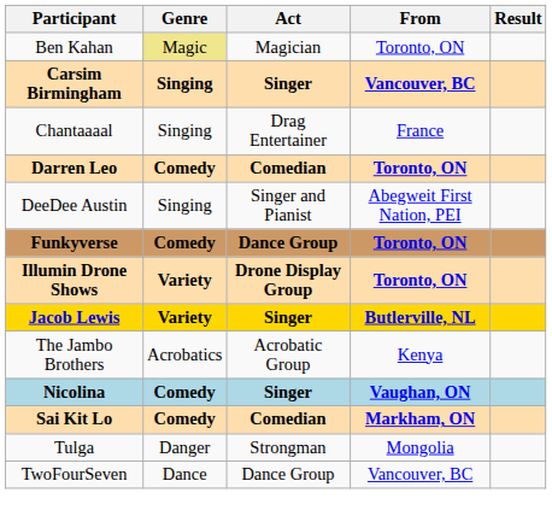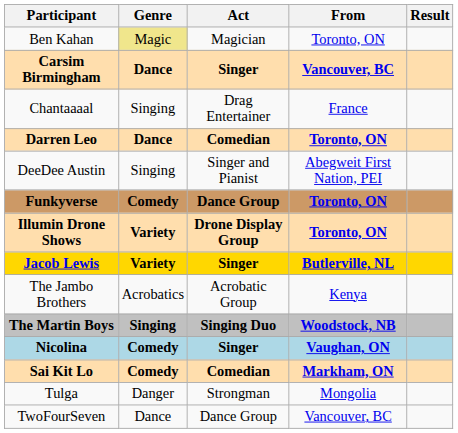 <table class="wikitable sortable" style="margin-right: auto; border: none; width:80%; text-align:center;">
 <tr valign="top">
 <th>Participant</th>
 <th>Genre</th>
 <th class="unsortable">Act</th>
 <th>From</th>
 <th>Result</th>
 </tr>
 <tr>
 <td>Ben Kahan</td>
 <td style="background: khaki;">Magic</td>
 <td>Magician</td>
 <td><a href='#'>Toronto, ON</a></td>
 <td></td>
 </tr>
 <tr style="background:NavajoWhite">
 <td><strong>Carsim Birmingham</strong> </td>
-<td><strong>Singing</strong></td>
+<td><strong>Dance</strong></td>
 <td><strong>Singer</strong></td>
 <td><strong><a href='#'>Vancouver, BC</a></strong></td>
 <td><strong></strong></td>
 </tr>
 <tr>
 <td>Chantaaaal</td>
 <td>Singing</td>
 <td>Drag Entertainer</td>
 <td><a href='#'>France</a></td>
 <td></td>
 </tr>
 <tr style="background:NavajoWhite">
 <td><strong>Darren Leo</strong> </td>
-<td><strong>Comedy</strong></td>
+<td><strong>Dance</strong></td>
 <td><strong>Comedian</strong></td>
 <td><strong><a href='#'>Toronto, ON</a></strong></td>
 <td><strong></strong></td>
 </tr>
 <tr>
 <td>DeeDee Austin </td>
 <td>Singing</td>
 <td>Singer and Pianist</td>
 <td><a href='#'>Abegweit First Nation, PEI</a></td>
 <td></td>
 </tr>
 <tr style="background:#c96">
 <td><strong>Funkyverse</strong>  <strong></strong></td>
 <td><strong>Comedy</strong></td>
 <td><strong>Dance Group</strong></td>
 <td><strong><a href='#'>Toronto, ON</a></strong></td>
 <td><strong></strong></td>
 </tr>
 <tr style="background:NavajoWhite">
 <td><strong>Illumin Drone Shows</strong></td>
 <td><strong>Variety</strong></td>
 <td><strong>Drone Display Group</strong></td>
 <td><strong><a href='#'>Toronto, ON</a></strong></td>
 <td><strong></strong></td>
 </tr>
 <tr style="background:gold">
 <td><strong><a href='#'>Jacob Lewis</a> </strong> <strong></strong></td>
 <td><strong>Variety</strong></td>
 <td><strong>Singer</strong></td>
 <td><strong><a href='#'>Butlerville, NL</a></strong></td>
 <td><strong></strong></td>
 </tr>
 <tr>
 <td>The Jambo Brothers</td>
 <td>Acrobatics</td>
 <td>Acrobatic Group</td>
 <td><a href='#'>Kenya</a></td>
 <td></td>
 </tr>
+<tr style="background:Silver">
+<td><strong>The Martin Boys</strong></td>
+<td><strong>Singing</strong></td>
+<td><strong>Singing Duo</strong></td>
+<td><strong><a href='#'>Woodstock, NB</a></strong></td>
+<td><strong></strong></td>
+</tr>
 <tr style="background:lightblue">
 <td><strong>Nicolina</strong> </td>
 <td><strong>Comedy</strong></td>
 <td><strong>Singer</strong></td>
 <td><strong><a href='#'>Vaughan, ON</a></strong></td>
 <td><strong></strong></td>
 </tr>
 <tr style="background:NavajoWhite">
 <td><strong>Sai Kit Lo</strong></td>
 <td><strong>Comedy</strong></td>
 <td><strong>Comedian</strong></td>
 <td><strong><a href='#'>Markham, ON</a></strong></td>
 <td><strong></strong></td>
 </tr>
 <tr>
 <td>Tulga</td>
 <td>Danger</td>
 <td>Strongman</td>
 <td><a href='#'>Mongolia</a></td>
 <td></td>
 </tr>
 <tr>
 <td>TwoFourSeven</td>
 <td>Dance</td>
 <td>Dance Group</td>
 <td><a href='#'>Vancouver, BC</a></td>
 <td></td>
 </tr>
 </table>
